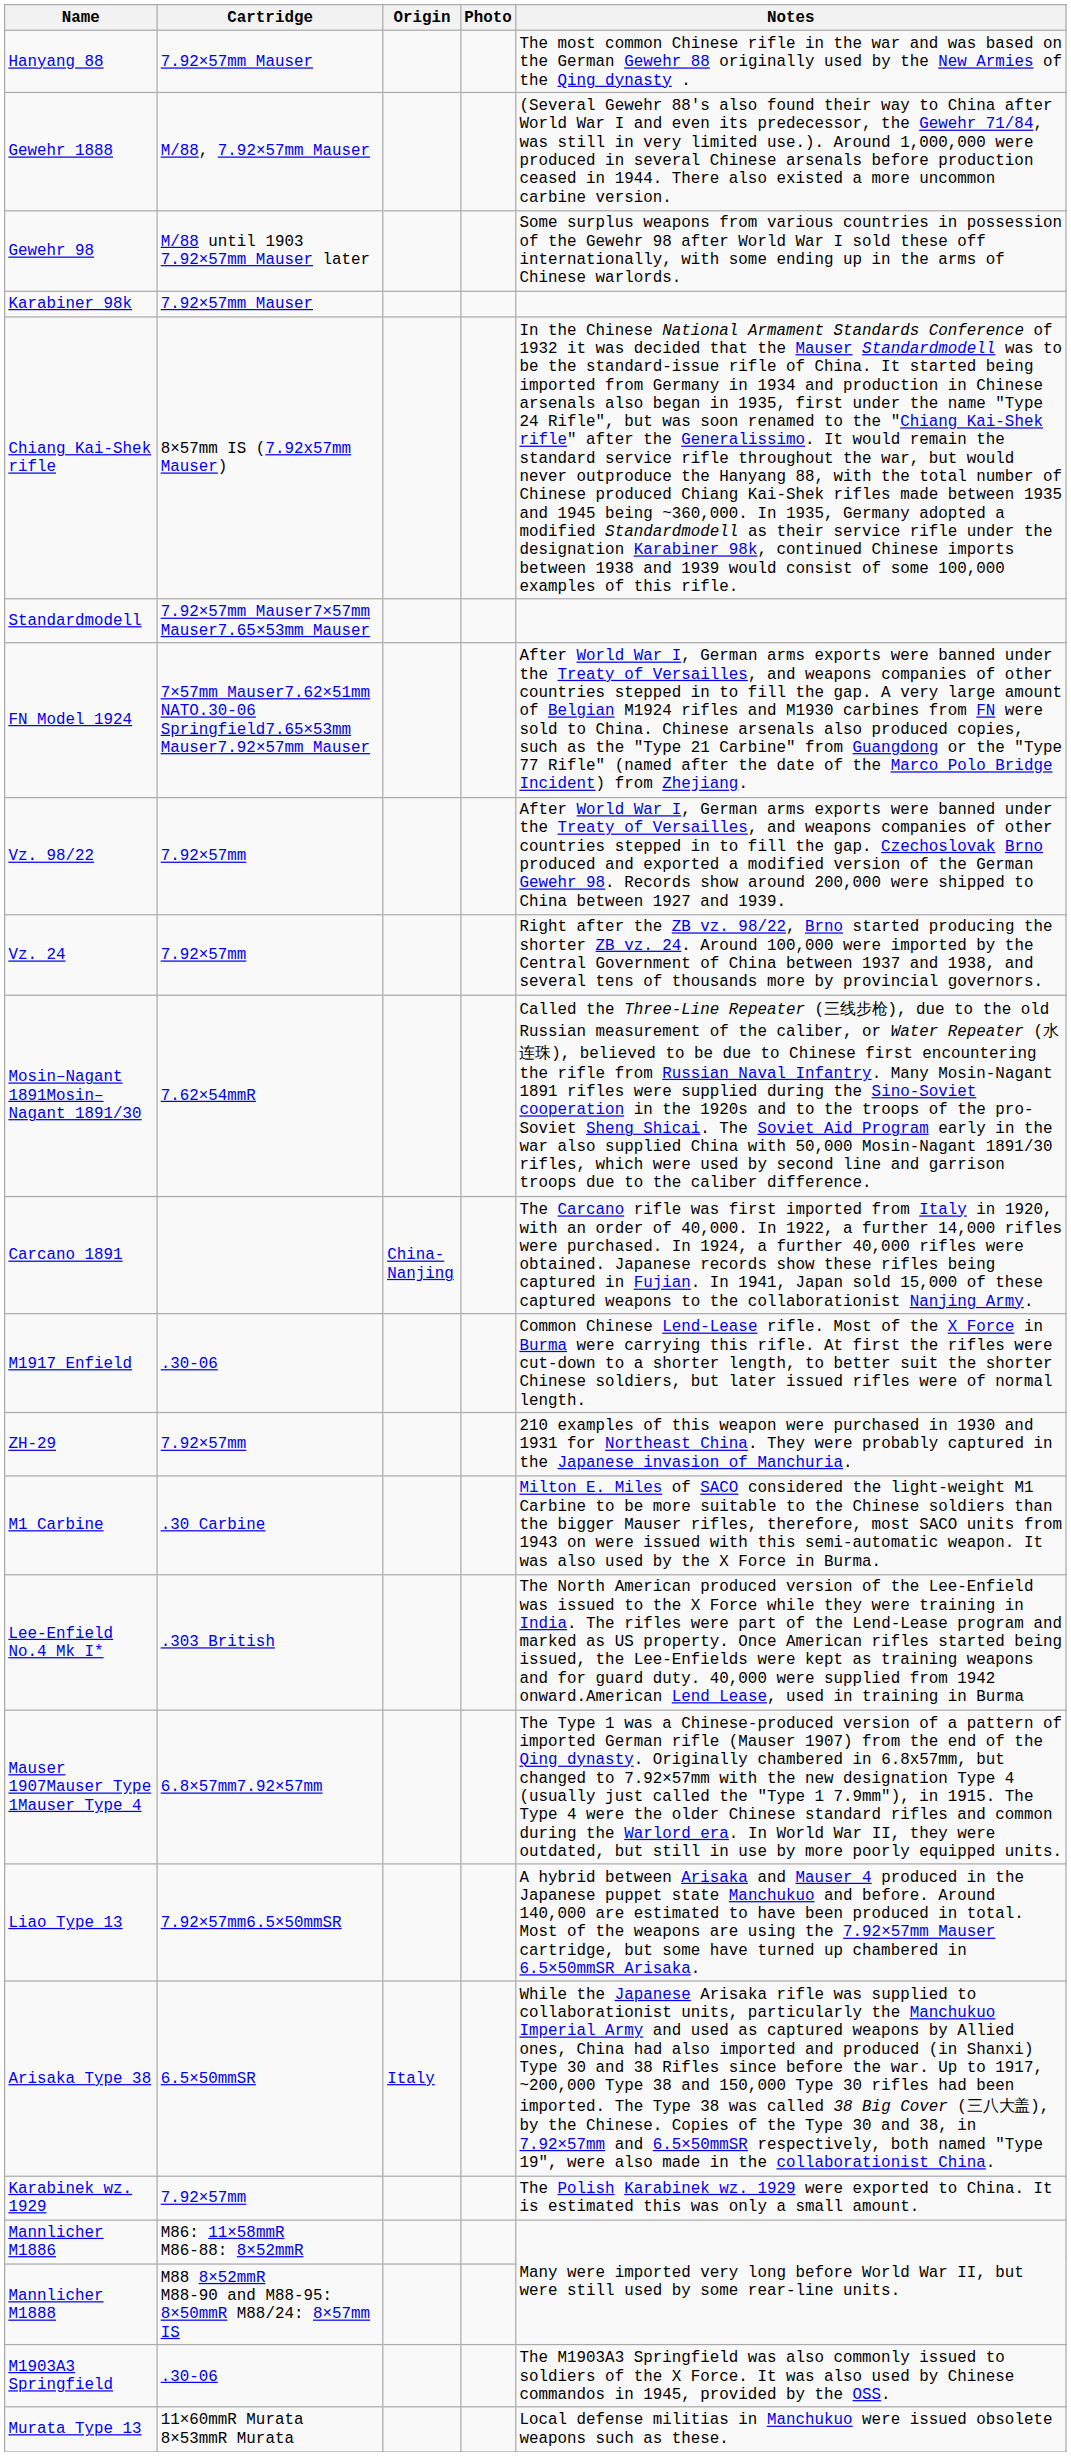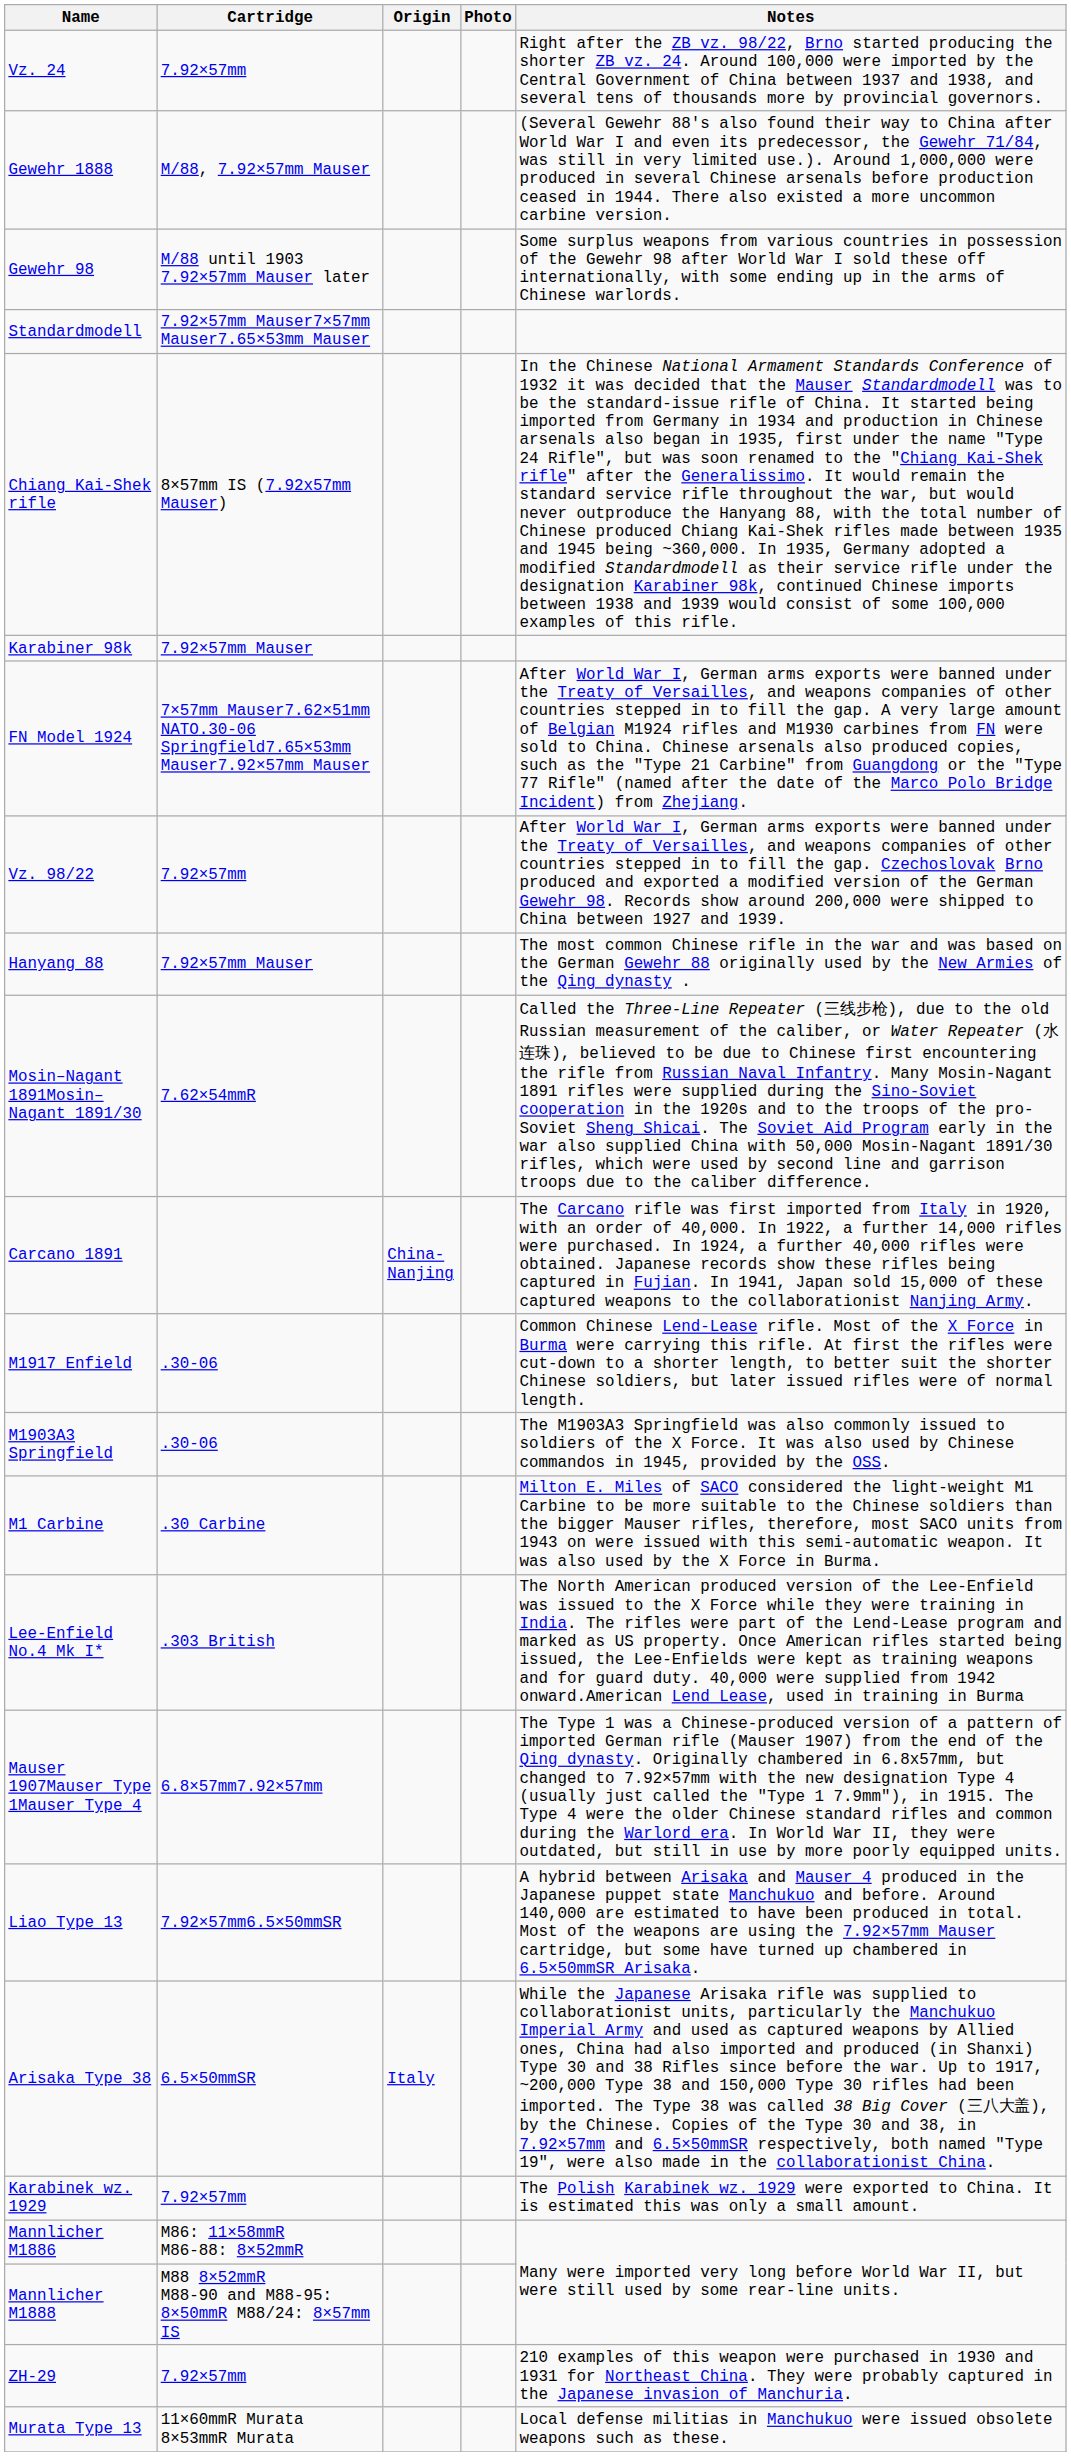 <table class="wikitable">
 <tr>
 <th>Name</th>
 <th>Cartridge</th>
 <th>Origin</th>
 <th>Photo</th>
 <th>Notes</th>
 </tr>
 <tr>
-<td><a href='#'>Hanyang 88</a></td>
-<td><a href='#'>7.92×57mm Mauser</a></td>
+<td><a href='#'>Vz. 24</a></td>
+<td><a href='#'>7.92×57mm</a></td>
 <td></td>
 <td></td>
-<td>The most common Chinese rifle in the war and was based on the German <a href='#'>Gewehr 88</a> originally used by the <a href='#'>New Armies</a> of the <a href='#'>Qing dynasty</a> .</td>
+<td>Right after the <a href='#'>ZB vz. 98/22</a>, <a href='#'>Brno</a> started producing the shorter <a href='#'>ZB vz. 24</a>. Around 100,000 were imported by the Central Government of China between 1937 and 1938, and several tens of thousands more by provincial governors.</td>
 </tr>
 <tr>
 <td><a href='#'>Gewehr 1888</a></td>
 <td><a href='#'>M/88</a>, <a href='#'>7.92×57mm Mauser</a></td>
 <td></td>
 <td></td>
 <td>(Several Gewehr 88's also found their way to China after World War I and even its predecessor, the <a href='#'>Gewehr 71/84</a>, was still in very limited use.). Around 1,000,000 were produced in several Chinese arsenals before production ceased in 1944. There also existed a more uncommon carbine version.</td>
 </tr>
 <tr>
 <td><a href='#'>Gewehr 98</a></td>
 <td><a href='#'>M/88</a> until 1903 <a href='#'>7.92×57mm Mauser</a> later</td>
 <td></td>
 <td></td>
 <td>Some surplus weapons from various countries in possession of the Gewehr 98 after World War I sold these off internationally, with some ending up in the arms of Chinese warlords.</td>
 </tr>
 <tr>
-<td><a href='#'>Karabiner 98k</a></td>
-<td><a href='#'>7.92×57mm Mauser</a></td>
+<td><a href='#'>Standardmodell</a></td>
+<td><a href='#'>7.92×57mm Mauser</a><a href='#'>7×57mm Mauser</a><a href='#'>7.65×53mm Mauser</a></td>
 <td></td>
 <td></td>
 <td></td>
 </tr>
 <tr>
 <td><a href='#'>Chiang Kai-Shek rifle</a></td>
 <td>8×57mm IS (<a href='#'>7.92x57mm Mauser</a>)</td>
 <td></td>
 <td></td>
 <td>In the Chinese <em>National Armament Standards Conference</em> of 1932 it was decided that the <a href='#'>Mauser</a> <em><a href='#'>Standardmodell</a></em> was to be the standard-issue rifle of China. It started being imported from Germany in 1934 and production in Chinese arsenals also began in 1935, first under the name "Type 24 Rifle", but was soon renamed to the "<a href='#'>Chiang Kai-Shek rifle</a>" after the <a href='#'>Generalissimo</a>. It would remain the standard service rifle throughout the war, but would never outproduce the Hanyang 88, with the total number of Chinese produced Chiang Kai-Shek rifles made between 1935 and 1945 being ~360,000. In 1935, Germany adopted a modified <em>Standardmodell</em> as their service rifle under the designation <a href='#'>Karabiner 98k</a>, continued Chinese imports between 1938 and 1939 would consist of some 100,000 examples of this rifle.<br></td>
 </tr>
 <tr>
-<td><a href='#'>Standardmodell</a></td>
-<td><a href='#'>7.92×57mm Mauser</a><a href='#'>7×57mm Mauser</a><a href='#'>7.65×53mm Mauser</a></td>
+<td><a href='#'>Karabiner 98k</a></td>
+<td><a href='#'>7.92×57mm Mauser</a></td>
 <td></td>
 <td></td>
 <td></td>
 </tr>
 <tr>
 <td><a href='#'>FN Model 1924</a></td>
 <td><a href='#'>7×57mm Mauser</a><a href='#'>7.62×51mm NATO</a><a href='#'>.30-06 Springfield</a><a href='#'>7.65×53mm Mauser</a><a href='#'>7.92×57mm Mauser</a></td>
 <td></td>
 <td></td>
 <td>After <a href='#'>World War I</a>, German arms exports were banned under the <a href='#'>Treaty of Versailles</a>, and weapons companies of other countries stepped in to fill the gap. A very large amount of <a href='#'>Belgian</a> M1924 rifles and M1930 carbines from <a href='#'>FN</a> were sold to China. Chinese arsenals also produced copies, such as the "Type 21 Carbine" from <a href='#'>Guangdong</a> or the "Type 77 Rifle" (named after the date of the <a href='#'>Marco Polo Bridge Incident</a>) from <a href='#'>Zhejiang</a>.</td>
 </tr>
 <tr>
 <td><a href='#'>Vz. 98/22</a></td>
 <td><a href='#'>7.92×57mm</a></td>
 <td></td>
 <td></td>
 <td>After <a href='#'>World War I</a>, German arms exports were banned under the <a href='#'>Treaty of Versailles</a>, and weapons companies of other countries stepped in to fill the gap. <a href='#'>Czechoslovak</a> <a href='#'>Brno</a> produced and exported a modified version of the German <a href='#'>Gewehr 98</a>. Records show around 200,000 were shipped to China between 1927 and 1939.</td>
 </tr>
 <tr>
-<td><a href='#'>Vz. 24</a></td>
-<td><a href='#'>7.92×57mm</a></td>
+<td><a href='#'>Hanyang 88</a></td>
+<td><a href='#'>7.92×57mm Mauser</a></td>
 <td></td>
 <td></td>
-<td>Right after the <a href='#'>ZB vz. 98/22</a>, <a href='#'>Brno</a> started producing the shorter <a href='#'>ZB vz. 24</a>. Around 100,000 were imported by the Central Government of China between 1937 and 1938, and several tens of thousands more by provincial governors.</td>
+<td>The most common Chinese rifle in the war and was based on the German <a href='#'>Gewehr 88</a> originally used by the <a href='#'>New Armies</a> of the <a href='#'>Qing dynasty</a> .</td>
 </tr>
 <tr>
 <td><a href='#'>Mosin–Nagant 1891Mosin–Nagant 1891/30</a></td>
 <td><a href='#'>7.62×54mmR</a></td>
 <td></td>
 <td></td>
 <td>Called the <em>Three-Line Repeater</em> (三线步枪), due to the old Russian measurement of the caliber, or <em>Water Repeater</em> (水连珠), believed to be due to Chinese first encountering the rifle from <a href='#'>Russian Naval Infantry</a>. Many Mosin-Nagant 1891 rifles were supplied during the <a href='#'>Sino-Soviet cooperation</a> in the 1920s and to the troops of the pro-Soviet <a href='#'>Sheng Shicai</a>. The <a href='#'>Soviet Aid Program</a> early in the war also supplied China with 50,000 Mosin-Nagant 1891/30 rifles, which were used by second line and garrison troops due to the caliber difference.</td>
 </tr>
 <tr>
 <td><a href='#'>Carcano 1891</a></td>
 <td></td>
 <td><br> <a href='#'>China-Nanjing</a></td>
 <td></td>
 <td>The <a href='#'>Carcano</a> rifle was first imported from <a href='#'>Italy</a> in 1920, with an order of 40,000. In 1922, a further 14,000 rifles were purchased. In 1924, a further 40,000 rifles were obtained. Japanese records show these rifles being captured in <a href='#'>Fujian</a>. In 1941, Japan sold 15,000 of these captured weapons to the collaborationist <a href='#'>Nanjing Army</a>.</td>
 </tr>
 <tr>
 <td><a href='#'>M1917 Enfield</a></td>
 <td><a href='#'>.30-06</a></td>
 <td></td>
 <td></td>
 <td>Common Chinese <a href='#'>Lend-Lease</a> rifle. Most of the <a href='#'>X Force</a> in <a href='#'>Burma</a> were carrying this rifle. At first the rifles were cut-down to a shorter length, to better suit the shorter Chinese soldiers, but later issued rifles were of normal length.</td>
 </tr>
 <tr>
-<td><a href='#'>ZH-29</a></td>
-<td><a href='#'>7.92×57mm</a></td>
+<td><a href='#'>M1903A3 Springfield</a></td>
+<td><a href='#'>.30-06</a></td>
 <td></td>
 <td></td>
-<td>210 examples of this weapon were purchased in 1930 and 1931 for <a href='#'>Northeast China</a>. They were probably captured in the <a href='#'>Japanese invasion of Manchuria</a>.</td>
+<td>The M1903A3 Springfield was also commonly issued to soldiers of the X Force. It was also used by Chinese commandos in 1945, provided by the <a href='#'>OSS</a>.</td>
 </tr>
 <tr>
 <td><a href='#'>M1 Carbine</a></td>
 <td><a href='#'>.30 Carbine</a></td>
 <td></td>
 <td></td>
 <td><a href='#'>Milton E. Miles</a> of <a href='#'>SACO</a> considered the light-weight M1 Carbine to be more suitable to the Chinese soldiers than the bigger Mauser rifles, therefore, most SACO units from 1943 on were issued with this semi-automatic weapon. It was also used by the X Force in Burma.</td>
 </tr>
 <tr>
 <td><a href='#'>Lee-Enfield No.4 Mk I*</a></td>
 <td><a href='#'>.303 British</a></td>
 <td></td>
 <td></td>
 <td>The North American produced version of the Lee-Enfield was issued to the X Force while they were training in <a href='#'>India</a>. The rifles were part of the Lend-Lease program and marked as US property. Once American rifles started being issued, the Lee-Enfields were kept as training weapons and for guard duty. 40,000 were supplied from 1942 onward.American <a href='#'>Lend Lease</a>, used in training in Burma</td>
 </tr>
 <tr>
 <td><a href='#'>Mauser 1907Mauser Type 1Mauser Type 4</a></td>
 <td><a href='#'>6.8×57mm</a><a href='#'>7.92×57mm</a></td>
 <td></td>
 <td></td>
 <td>The Type 1 was a Chinese-produced version of a pattern of imported German rifle (Mauser 1907) from the end of the <a href='#'>Qing dynasty</a>. Originally chambered in 6.8x57mm, but changed to 7.92×57mm with the new designation Type 4 (usually just called the "Type 1 7.9mm"), in 1915. The Type 4 were the older Chinese standard rifles and common during the <a href='#'>Warlord era</a>. In World War II, they were outdated, but still in use by more poorly equipped units.</td>
 </tr>
 <tr>
 <td><a href='#'>Liao Type 13</a></td>
 <td><a href='#'>7.92×57mm</a><a href='#'>6.5×50mmSR</a></td>
 <td></td>
 <td></td>
 <td>A hybrid between <a href='#'>Arisaka</a> and <a href='#'>Mauser 4</a> produced in the Japanese puppet state <a href='#'>Manchukuo</a> and before. Around 140,000 are estimated to have been produced in total. Most of the weapons are using the <a href='#'>7.92×57mm Mauser</a> cartridge, but some have turned up chambered in <a href='#'>6.5×50mmSR Arisaka</a>.</td>
 </tr>
 <tr>
 <td><a href='#'>Arisaka Type 38</a></td>
 <td><a href='#'>6.5×50mmSR</a></td>
 <td> <a href='#'>Italy</a></td>
 <td></td>
 <td>While the <a href='#'>Japanese</a> Arisaka rifle was supplied to collaborationist units, particularly the <a href='#'>Manchukuo Imperial Army</a> and used as captured weapons by Allied ones, China had also imported and produced (in Shanxi) Type 30 and 38 Rifles since before the war. Up to 1917, ~200,000 Type 38 and 150,000 Type 30 rifles had been imported. The Type 38 was called <em>38 Big Cover</em> (三八大盖), by the Chinese. Copies of the Type 30 and 38, in <a href='#'>7.92×57mm</a> and <a href='#'>6.5×50mmSR</a> respectively, both named "Type 19", were also made in the <a href='#'>collaborationist China</a>.</td>
 </tr>
 <tr>
 <td><a href='#'>Karabinek wz. 1929</a></td>
 <td><a href='#'>7.92×57mm</a></td>
 <td></td>
 <td></td>
 <td>The <a href='#'>Polish</a> <a href='#'>Karabinek wz. 1929</a> were exported to China. It is estimated this was only a small amount.</td>
 </tr>
 <tr>
 <td><a href='#'>Mannlicher M1886</a></td>
 <td>M86: <a href='#'>11×58mmR</a><br>M86-88: <a href='#'>8×52mmR</a></td>
 <td></td>
 <td></td>
 <td rowspan="2">Many were imported very long before World War II, but were still used by some rear-line units.</td>
 </tr>
 <tr>
 <td><a href='#'>Mannlicher M1888</a></td>
 <td>M88 <a href='#'>8×52mmR</a><br>M88-90 and M88-95: <a href='#'>8×50mmR</a> M88/24: <a href='#'>8×57mm IS</a></td>
 <td></td>
 <td></td>
 </tr>
 <tr>
-<td><a href='#'>M1903A3 Springfield</a></td>
-<td><a href='#'>.30-06</a></td>
+<td><a href='#'>ZH-29</a></td>
+<td><a href='#'>7.92×57mm</a></td>
 <td></td>
 <td></td>
-<td>The M1903A3 Springfield was also commonly issued to soldiers of the X Force. It was also used by Chinese commandos in 1945, provided by the <a href='#'>OSS</a>.</td>
+<td>210 examples of this weapon were purchased in 1930 and 1931 for <a href='#'>Northeast China</a>. They were probably captured in the <a href='#'>Japanese invasion of Manchuria</a>.</td>
 </tr>
 <tr>
 <td><a href='#'>Murata Type 13</a></td>
 <td>11×60mmR Murata<br>8×53mmR Murata</td>
 <td></td>
 <td></td>
 <td>Local defense militias in <a href='#'>Manchukuo</a> were issued obsolete weapons such as these.</td>
 </tr>
 </table>
